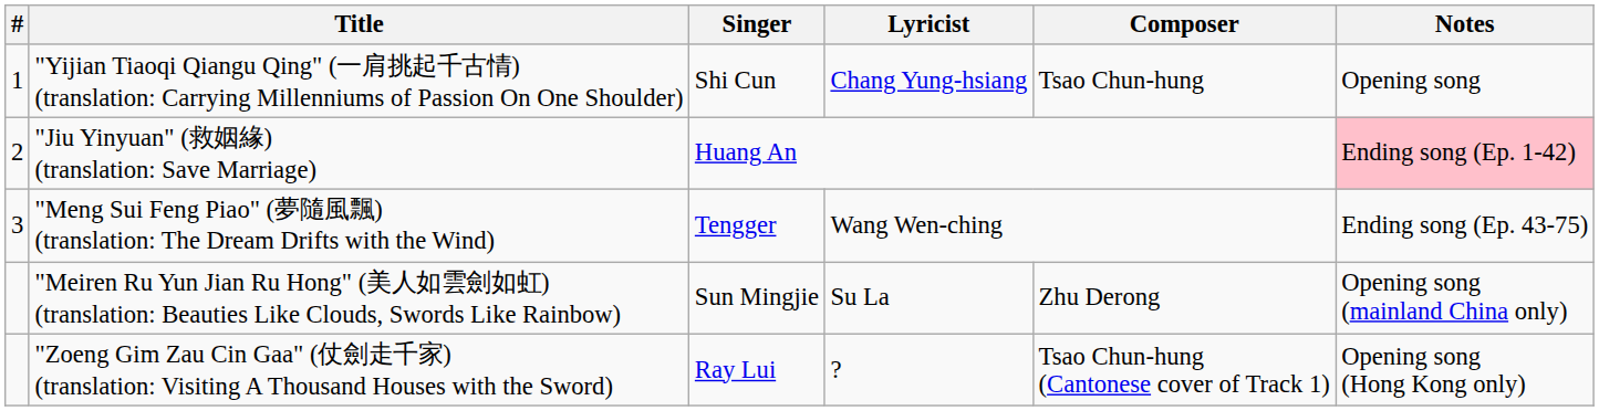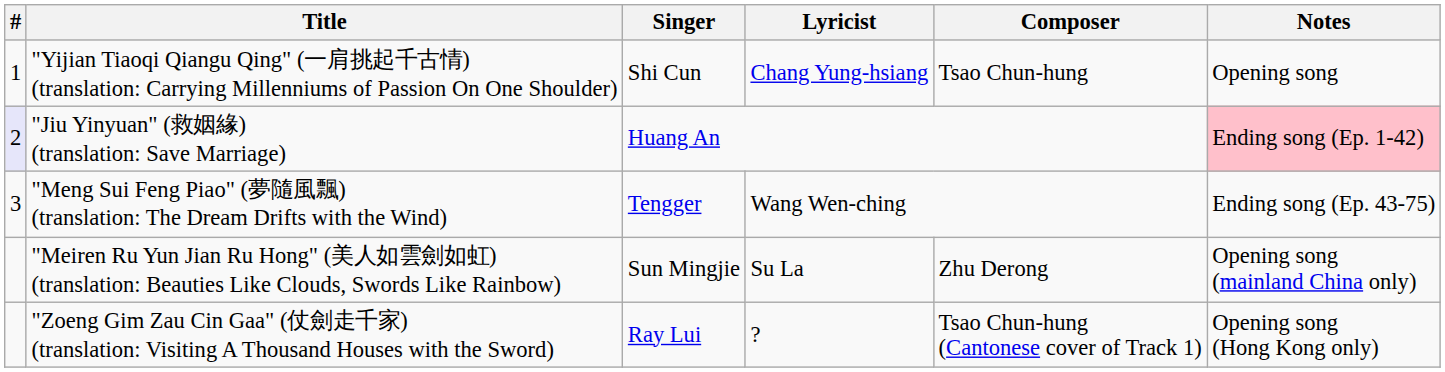 <table class="wikitable">
 <tr>
 <th>#</th>
 <th>Title</th>
 <th>Singer</th>
 <th>Lyricist</th>
 <th>Composer</th>
 <th>Notes</th>
 </tr>
 <tr>
 <td>1</td>
 <td>"Yijian Tiaoqi Qiangu Qing" (一肩挑起千古情)<br>(translation: Carrying Millenniums of Passion On One Shoulder)</td>
 <td>Shi Cun</td>
 <td><a href='#'>Chang Yung-hsiang</a></td>
 <td>Tsao Chun-hung</td>
 <td>Opening song</td>
 </tr>
 <tr>
-<td>2</td>
+<td style="background: lavender;">2</td>
 <td>"Jiu Yinyuan" (救姻緣)<br>(translation: Save Marriage)</td>
 <td colspan=3><a href='#'>Huang An</a></td>
 <td style="background: pink;">Ending song (Ep. 1-42)</td>
 </tr>
 <tr>
 <td>3</td>
 <td>"Meng Sui Feng Piao" (夢隨風飄)<br>(translation: The Dream Drifts with the Wind)</td>
 <td><a href='#'>Tengger</a></td>
 <td colspan=2>Wang Wen-ching</td>
 <td>Ending song (Ep. 43-75)</td>
 </tr>
 <tr>
 <td></td>
 <td>"Meiren Ru Yun Jian Ru Hong" (美人如雲劍如虹)<br>(translation: Beauties Like Clouds, Swords Like Rainbow)</td>
 <td>Sun Mingjie</td>
 <td>Su La</td>
 <td>Zhu Derong</td>
 <td>Opening song<br>(<a href='#'>mainland China</a> only)</td>
 </tr>
 <tr>
 <td></td>
 <td>"Zoeng Gim Zau Cin Gaa" (仗劍走千家)<br>(translation: Visiting A Thousand Houses with the Sword)</td>
 <td><a href='#'>Ray Lui</a></td>
 <td>?</td>
 <td>Tsao Chun-hung<br>(<a href='#'>Cantonese</a> cover of Track 1)</td>
 <td>Opening song<br>(Hong Kong only)</td>
 </tr>
 </table>
